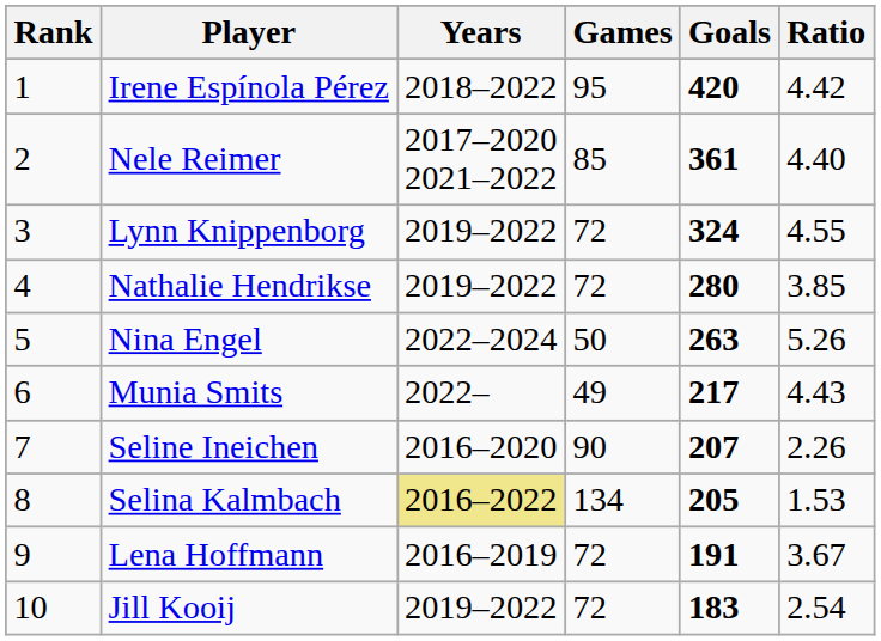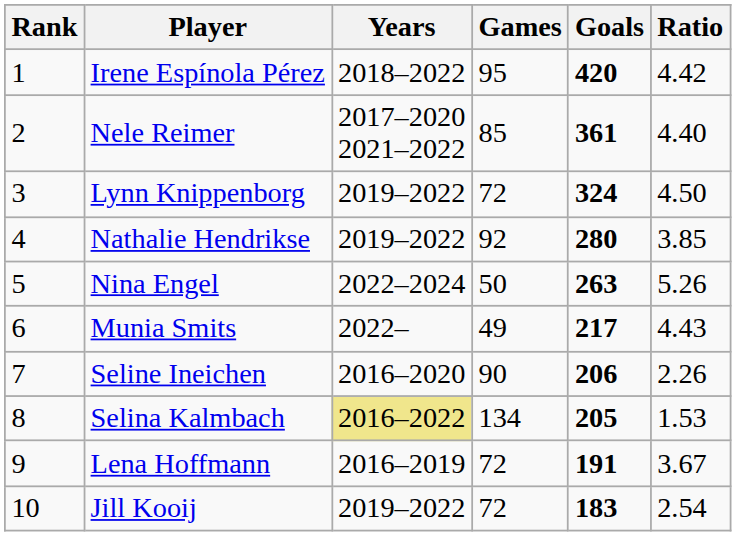 <table class="wikitable sortable" style="text-align:left">
 <tr>
 <th>Rank</th>
 <th>Player</th>
 <th>Years</th>
 <th>Games</th>
 <th>Goals</th>
 <th>Ratio</th>
 </tr>
 <tr>
 <td>1</td>
 <td> <a href='#'>Irene Espínola Pérez</a></td>
 <td>2018–2022</td>
 <td>95</td>
 <td><strong>420</strong></td>
 <td>4.42</td>
 </tr>
 <tr>
 <td>2</td>
 <td> <a href='#'>Nele Reimer</a></td>
 <td>2017–2020<br>2021–2022</td>
 <td>85</td>
 <td><strong>361</strong></td>
 <td>4.40</td>
 </tr>
 <tr>
 <td>3</td>
 <td> <a href='#'>Lynn Knippenborg</a></td>
 <td>2019–2022</td>
 <td>72</td>
 <td><strong>324</strong></td>
-<td>4.55</td>
+<td>4.50</td>
 </tr>
 <tr>
 <td>4</td>
 <td> <a href='#'>Nathalie Hendrikse</a></td>
 <td>2019–2022</td>
-<td>72</td>
+<td>92</td>
 <td><strong>280</strong></td>
 <td>3.85</td>
 </tr>
 <tr>
 <td>5</td>
 <td> <a href='#'>Nina Engel</a></td>
 <td>2022–2024</td>
 <td>50</td>
 <td><strong>263</strong></td>
 <td>5.26</td>
 </tr>
 <tr>
 <td>6</td>
 <td> <a href='#'>Munia Smits</a></td>
 <td>2022–</td>
 <td>49</td>
 <td><strong>217</strong></td>
 <td>4.43</td>
 </tr>
 <tr>
 <td>7</td>
 <td> <a href='#'>Seline Ineichen</a></td>
 <td>2016–2020</td>
 <td>90</td>
-<td><strong>207</strong></td>
+<td><strong>206</strong></td>
 <td>2.26</td>
 </tr>
 <tr>
 <td>8</td>
 <td> <a href='#'>Selina Kalmbach</a></td>
 <td style="background: khaki;">2016–2022</td>
 <td>134</td>
 <td><strong>205</strong></td>
 <td>1.53</td>
 </tr>
 <tr>
 <td>9</td>
 <td> <a href='#'>Lena Hoffmann</a></td>
 <td>2016–2019</td>
 <td>72</td>
 <td><strong>191</strong></td>
 <td>3.67</td>
 </tr>
 <tr>
 <td>10</td>
 <td> <a href='#'>Jill Kooij</a></td>
 <td>2019–2022</td>
 <td>72</td>
 <td><strong>183</strong></td>
 <td>2.54</td>
 </tr>
 </table>
